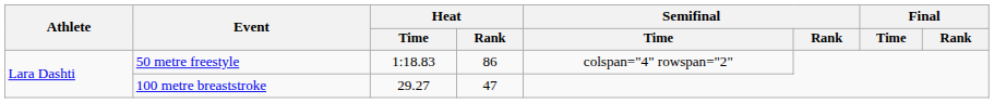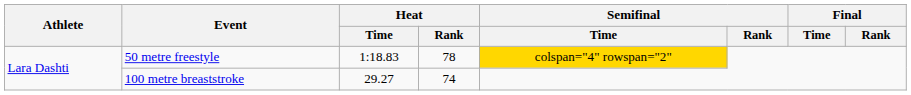 <table class="wikitable" style="text-align:center; font-size:90%; width:50%;">
 <tr>
 <th rowspan="2">Athlete</th>
 <th rowspan="2">Event</th>
 <th colspan="2">Heat</th>
 <th colspan="2">Semifinal</th>
 <th colspan="2">Final</th>
 </tr>
 <tr style="font-size:95%">
 <th>Time</th>
 <th>Rank</th>
 <th>Time</th>
 <th>Rank</th>
 <th>Time</th>
 <th>Rank</th>
 </tr>
 <tr>
 <td align=left rowspan=2><a href='#'>Lara Dashti</a></td>
 <td align=left><a href='#'>50 metre freestyle</a></td>
 <td>1:18.83</td>
-<td>86</td>
-<td>colspan="4" rowspan="2" </td>
+<td>78</td>
+<td style="background: gold;">colspan="4" rowspan="2" </td>
 </tr>
 <tr>
 <td align=left><a href='#'>100 metre breaststroke</a></td>
 <td>29.27</td>
-<td>47</td>
+<td>74</td>
 </tr>
 </table>
